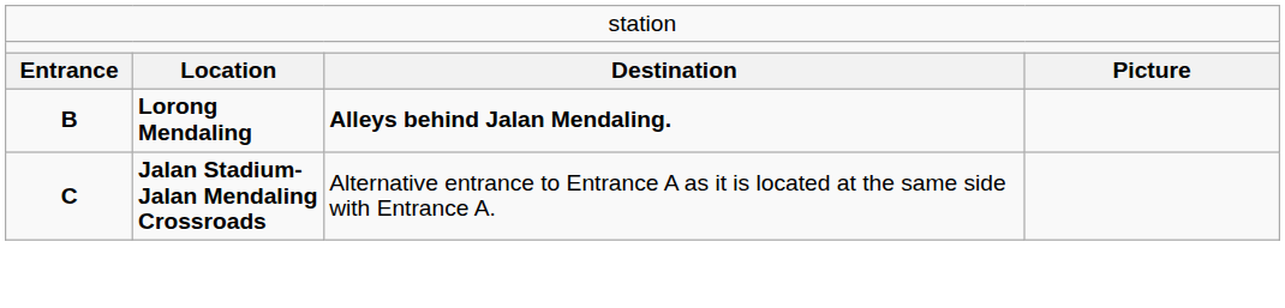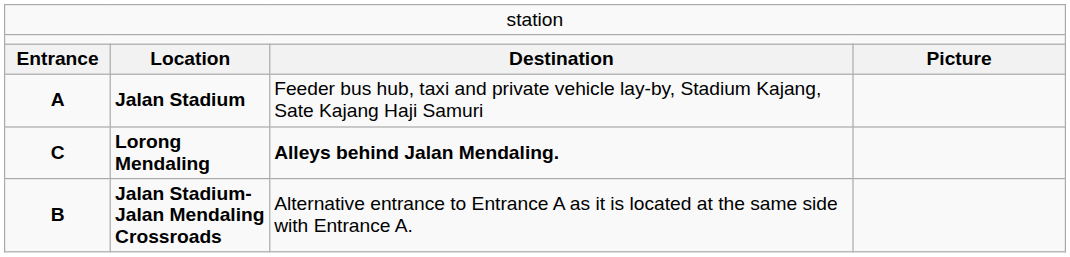 <table class="wikitable" style="width:70%">
 <tr>
 <td colspan="4" align="center"> station</td>
 </tr>
 <tr>
 <td colspan="4"></td>
 </tr>
 <tr>
 <th style="width:10%">Entrance</th>
 <th style="width:15%">Location</th>
 <th style="width:55%">Destination</th>
 <th style="width:20%">Picture</th>
 </tr>
 <tr>
-<td align="center"><strong><span>B</span></strong></td>
+<td align="center"><strong><span>A</span></strong></td>
+<td><strong>Jalan Stadium</strong></td>
+<td>Feeder bus hub, taxi and private vehicle lay-by, Stadium Kajang, Sate Kajang Haji Samuri</td>
+<td></td>
+</tr>
+<tr>
+<td align="center"><strong><span>C</span></strong></td>
 <td><strong>Lorong Mendaling</strong></td>
 <td><strong>Alleys behind Jalan Mendaling.</strong></td>
 <td></td>
 </tr>
 <tr>
-<td align="center"><strong><span>C</span></strong></td>
+<td align="center"><strong><span>B</span></strong></td>
 <td><strong>Jalan Stadium-Jalan Mendaling Crossroads</strong></td>
 <td>Alternative entrance to Entrance A as it is located at the same side with Entrance A.</td>
 <td></td>
 </tr>
 </table>
